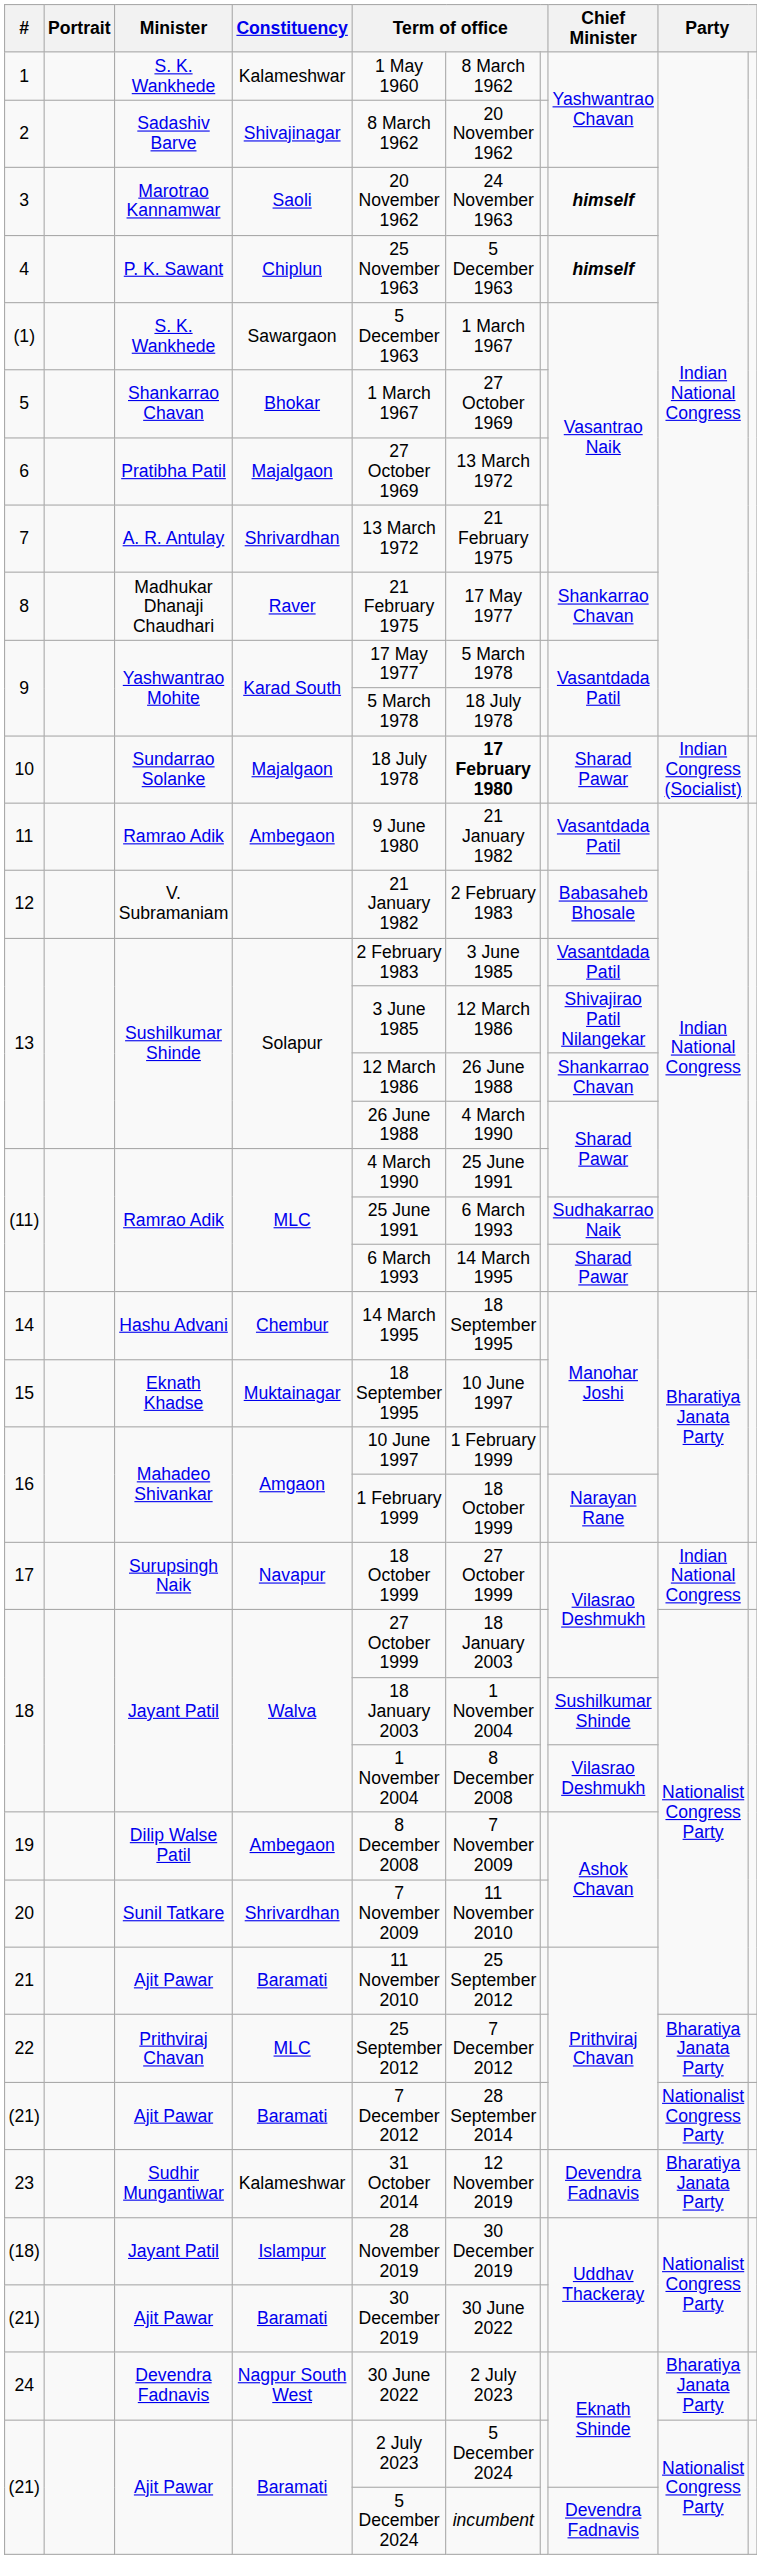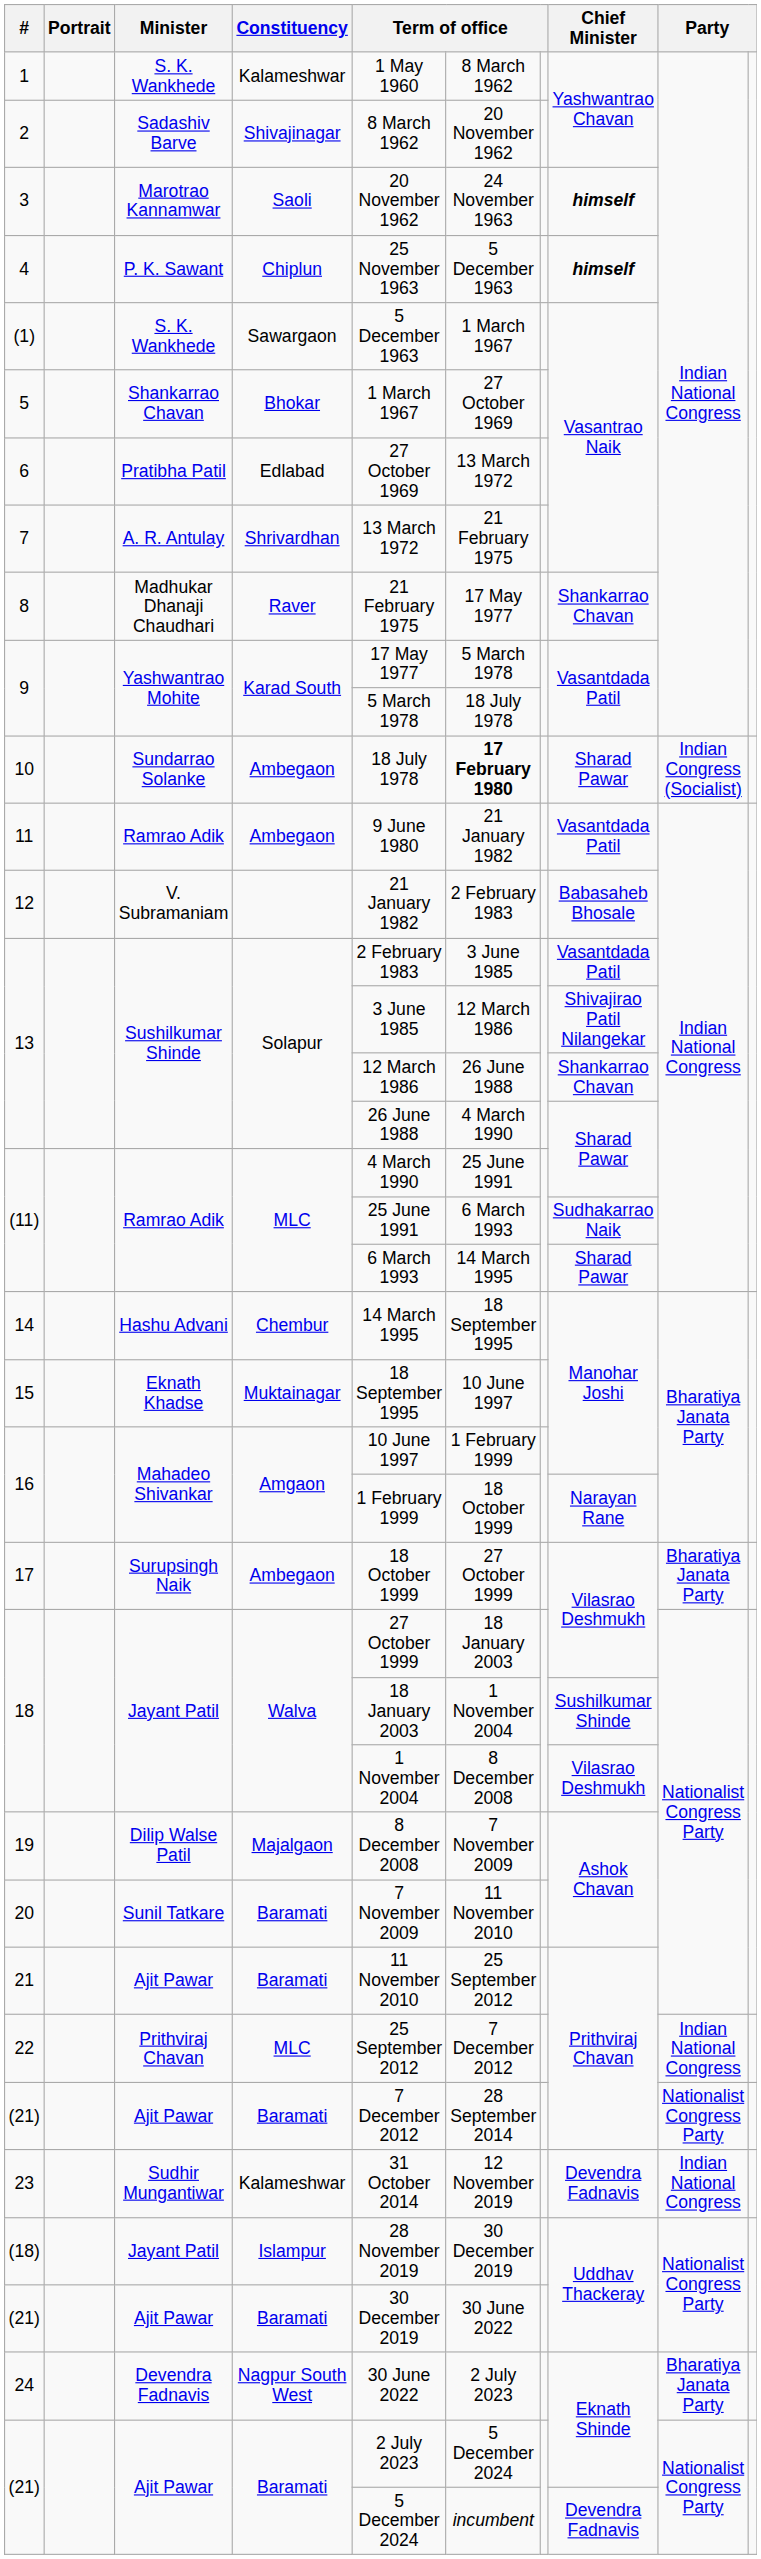 <table class="wikitable" style="text-align:center">
 <tr>
 <th>#</th>
 <th>Portrait</th>
 <th>Minister</th>
 <th><a href='#'>Constituency</a></th>
 <th colspan="3">Term of office</th>
 <th>Chief Minister</th>
 <th colspan="2">Party</th>
 </tr>
 <tr>
 <td>1</td>
 <td></td>
 <td><a href='#'>S. K. Wankhede</a></td>
 <td>Kalameshwar</td>
 <td>1 May 1960</td>
 <td>8 March 1962</td>
 <td></td>
 <td rowspan="2"><a href='#'>Yashwantrao Chavan</a></td>
 <td rowspan="11"><a href='#'>Indian National Congress</a></td>
 <td rowspan="11" style="background-color: "></td>
 </tr>
 <tr>
 <td>2</td>
 <td></td>
 <td><a href='#'>Sadashiv Barve</a></td>
 <td><a href='#'>Shivajinagar</a></td>
 <td>8 March 1962</td>
 <td>20 November 1962</td>
 <td></td>
 </tr>
 <tr>
 <td>3</td>
 <td></td>
 <td><a href='#'>Marotrao Kannamwar</a></td>
 <td><a href='#'>Saoli</a></td>
 <td>20 November 1962</td>
 <td>24 November 1963</td>
 <td></td>
 <td><strong><em>himself</em></strong></td>
 </tr>
 <tr>
 <td>4</td>
 <td></td>
 <td><a href='#'>P. K. Sawant</a></td>
 <td><a href='#'>Chiplun</a></td>
 <td>25 November 1963</td>
 <td>5 December 1963</td>
 <td></td>
 <td><strong><em>himself</em></strong></td>
 </tr>
 <tr>
 <td>(1)</td>
 <td></td>
 <td><a href='#'>S. K. Wankhede</a></td>
 <td>Sawargaon</td>
 <td>5 December 1963</td>
 <td>1 March 1967</td>
 <td></td>
 <td rowspan="4"><a href='#'>Vasantrao Naik</a></td>
 </tr>
 <tr>
 <td>5</td>
 <td></td>
 <td><a href='#'>Shankarrao Chavan</a></td>
 <td><a href='#'>Bhokar</a></td>
 <td>1 March 1967</td>
 <td>27 October 1969</td>
 <td></td>
 </tr>
 <tr>
 <td>6</td>
 <td></td>
 <td><a href='#'>Pratibha Patil</a></td>
-<td><a href='#'>Majalgaon</a></td>
+<td>Edlabad</td>
 <td>27 October 1969</td>
 <td>13 March 1972</td>
 <td></td>
 </tr>
 <tr>
 <td>7</td>
 <td></td>
 <td><a href='#'>A. R. Antulay</a></td>
 <td><a href='#'>Shrivardhan</a></td>
 <td>13 March 1972</td>
 <td>21 February 1975</td>
 <td></td>
 </tr>
 <tr>
 <td>8</td>
 <td></td>
 <td>Madhukar Dhanaji Chaudhari</td>
 <td><a href='#'>Raver</a></td>
 <td>21 February 1975</td>
 <td>17 May 1977</td>
 <td></td>
 <td><a href='#'>Shankarrao Chavan</a></td>
 </tr>
 <tr>
 <td rowspan="2">9</td>
 <td rowspan="2"></td>
 <td rowspan="2"><a href='#'>Yashwantrao Mohite</a></td>
 <td rowspan="2"><a href='#'>Karad South</a></td>
 <td>17 May 1977</td>
 <td>5 March 1978</td>
 <td rowspan="2"></td>
 <td rowspan="2"><a href='#'>Vasantdada Patil</a></td>
 </tr>
 <tr>
 <td>5 March 1978</td>
 <td>18 July 1978</td>
 </tr>
 <tr>
 <td>10</td>
 <td></td>
 <td><a href='#'>Sundarrao Solanke</a></td>
-<td><a href='#'>Majalgaon</a></td>
+<td><a href='#'>Ambegaon</a></td>
 <td>18 July 1978</td>
 <td><strong>17 February 1980</strong></td>
 <td></td>
 <td><a href='#'>Sharad Pawar</a></td>
 <td><a href='#'>Indian Congress (Socialist)</a></td>
 <td style="background-color: "></td>
 </tr>
 <tr>
 <td>11</td>
 <td></td>
 <td><a href='#'>Ramrao Adik</a></td>
 <td><a href='#'>Ambegaon</a></td>
 <td>9 June 1980</td>
 <td>21 January 1982</td>
 <td></td>
 <td><a href='#'>Vasantdada Patil</a></td>
 <td rowspan="9"><a href='#'>Indian National Congress</a></td>
 <td rowspan="9" style="background-color: "></td>
 </tr>
 <tr>
 <td>12</td>
 <td></td>
 <td>V. Subramaniam</td>
 <td></td>
 <td>21 January 1982</td>
 <td>2 February 1983</td>
 <td></td>
 <td><a href='#'>Babasaheb Bhosale</a></td>
 </tr>
 <tr>
 <td rowspan="4">13</td>
 <td rowspan="4"></td>
 <td rowspan="4"><a href='#'>Sushilkumar Shinde</a></td>
 <td rowspan="4">Solapur</td>
 <td>2 February 1983</td>
 <td>3 June 1985</td>
 <td rowspan="4"></td>
 <td><a href='#'>Vasantdada Patil</a></td>
 </tr>
 <tr>
 <td>3 June 1985</td>
 <td>12 March 1986</td>
 <td><a href='#'>Shivajirao Patil Nilangekar</a></td>
 </tr>
 <tr>
 <td>12 March 1986</td>
 <td>26 June 1988</td>
 <td><a href='#'>Shankarrao Chavan</a></td>
 </tr>
 <tr>
 <td>26 June 1988</td>
 <td>4 March 1990</td>
 <td rowspan="2"><a href='#'>Sharad Pawar</a></td>
 </tr>
 <tr>
 <td rowspan="3">(11)</td>
 <td rowspan="3"></td>
 <td rowspan="3"><a href='#'>Ramrao Adik</a></td>
 <td rowspan="3"><a href='#'>MLC</a></td>
 <td>4 March 1990</td>
 <td>25 June 1991</td>
 <td rowspan="3"></td>
 </tr>
 <tr>
 <td>25 June 1991</td>
 <td>6 March 1993</td>
 <td><a href='#'>Sudhakarrao Naik</a></td>
 </tr>
 <tr>
 <td>6 March 1993</td>
 <td>14 March 1995</td>
 <td><a href='#'>Sharad Pawar</a></td>
 </tr>
 <tr>
 <td>14</td>
 <td></td>
 <td><a href='#'>Hashu Advani</a></td>
 <td><a href='#'>Chembur</a></td>
 <td>14 March 1995</td>
 <td>18 September 1995</td>
 <td></td>
 <td rowspan="3"><a href='#'>Manohar Joshi</a></td>
 <td rowspan="4"><a href='#'>Bharatiya Janata Party</a></td>
 <td rowspan="4" style="background-color: "></td>
 </tr>
 <tr>
 <td>15</td>
 <td></td>
 <td><a href='#'>Eknath Khadse</a></td>
 <td><a href='#'>Muktainagar</a></td>
 <td>18 September 1995</td>
 <td>10 June 1997</td>
 <td></td>
 </tr>
 <tr>
 <td rowspan="2">16</td>
 <td rowspan="2"></td>
 <td rowspan="2"><a href='#'>Mahadeo Shivankar</a></td>
 <td rowspan="2"><a href='#'>Amgaon</a></td>
 <td>10 June 1997</td>
 <td>1 February 1999</td>
 <td rowspan="2"></td>
 </tr>
 <tr>
 <td>1 February 1999</td>
 <td>18 October 1999</td>
 <td><a href='#'>Narayan Rane</a></td>
 </tr>
 <tr>
 <td>17</td>
 <td></td>
 <td><a href='#'>Surupsingh Naik</a></td>
-<td><a href='#'>Navapur</a></td>
+<td><a href='#'>Ambegaon</a></td>
 <td>18 October 1999</td>
 <td>27 October 1999</td>
 <td></td>
 <td rowspan="2"><a href='#'>Vilasrao Deshmukh</a></td>
-<td><a href='#'>Indian National Congress</a></td>
+<td><a href='#'>Bharatiya Janata Party</a></td>
 <td style="background-color: "></td>
 </tr>
 <tr>
 <td rowspan="3">18</td>
 <td rowspan="3"></td>
 <td rowspan="3"><a href='#'>Jayant Patil</a></td>
 <td rowspan="3"><a href='#'>Walva</a></td>
 <td>27 October 1999</td>
 <td>18 January 2003</td>
 <td rowspan="3"></td>
 <td rowspan="6"><a href='#'>Nationalist Congress Party</a></td>
 <td rowspan="6" style="background-color: "></td>
 </tr>
 <tr>
 <td>18 January 2003</td>
 <td>1 November 2004</td>
 <td><a href='#'>Sushilkumar Shinde</a></td>
 </tr>
 <tr>
 <td>1 November 2004</td>
 <td>8 December 2008</td>
 <td><a href='#'>Vilasrao Deshmukh</a></td>
 </tr>
 <tr>
 <td>19</td>
 <td></td>
 <td><a href='#'>Dilip Walse Patil</a></td>
-<td><a href='#'>Ambegaon</a></td>
+<td><a href='#'>Majalgaon</a></td>
 <td>8 December 2008</td>
 <td>7 November 2009</td>
 <td></td>
 <td rowspan="2"><a href='#'>Ashok Chavan</a></td>
 </tr>
 <tr>
 <td>20</td>
 <td></td>
 <td><a href='#'>Sunil Tatkare</a></td>
-<td><a href='#'>Shrivardhan</a></td>
+<td><a href='#'>Baramati</a></td>
 <td>7 November 2009</td>
 <td>11 November 2010</td>
 <td></td>
 </tr>
 <tr>
 <td>21</td>
 <td></td>
 <td><a href='#'>Ajit Pawar</a></td>
 <td><a href='#'>Baramati</a></td>
 <td>11 November 2010</td>
 <td>25 September 2012</td>
 <td></td>
 <td rowspan="3"><a href='#'>Prithviraj Chavan</a></td>
 </tr>
 <tr>
 <td>22</td>
 <td></td>
 <td><a href='#'>Prithviraj Chavan</a></td>
 <td><a href='#'>MLC</a></td>
 <td>25 September 2012</td>
 <td>7 December 2012</td>
 <td></td>
-<td><a href='#'>Bharatiya Janata Party</a></td>
+<td><a href='#'>Indian National Congress</a></td>
 <td style="background-color: "></td>
 </tr>
 <tr>
 <td>(21)</td>
 <td></td>
 <td><a href='#'>Ajit Pawar</a></td>
 <td><a href='#'>Baramati</a></td>
 <td>7 December 2012</td>
 <td>28 September 2014</td>
 <td></td>
 <td><a href='#'>Nationalist Congress Party</a></td>
 <td style="background-color: "></td>
 </tr>
 <tr>
 <td>23</td>
 <td></td>
 <td><a href='#'>Sudhir Mungantiwar</a></td>
 <td>Kalameshwar</td>
 <td>31 October 2014</td>
 <td>12 November 2019</td>
 <td></td>
 <td><a href='#'>Devendra Fadnavis</a></td>
-<td><a href='#'>Bharatiya Janata Party</a></td>
+<td><a href='#'>Indian National Congress</a></td>
 <td style="background-color: "></td>
 </tr>
 <tr>
 <td>(18)</td>
 <td></td>
 <td><a href='#'>Jayant Patil</a></td>
 <td><a href='#'>Islampur</a></td>
 <td>28 November 2019</td>
 <td>30 December 2019</td>
 <td></td>
 <td rowspan="2"><a href='#'>Uddhav Thackeray</a></td>
 <td rowspan="2"><a href='#'>Nationalist Congress Party</a></td>
 <td rowspan="2" style="background-color: "></td>
 </tr>
 <tr>
 <td>(21)</td>
 <td></td>
 <td><a href='#'>Ajit Pawar</a></td>
 <td><a href='#'>Baramati</a></td>
 <td>30 December 2019</td>
 <td>30 June 2022</td>
 <td></td>
 </tr>
 <tr>
 <td>24</td>
 <td></td>
 <td><a href='#'>Devendra Fadnavis</a></td>
 <td><a href='#'>Nagpur South West</a></td>
 <td>30 June 2022</td>
 <td>2 July 2023</td>
 <td></td>
 <td rowspan="2"><a href='#'>Eknath Shinde</a></td>
 <td><a href='#'>Bharatiya Janata Party</a></td>
 <td style="background-color: "></td>
 </tr>
 <tr>
 <td rowspan="2">(21)</td>
 <td rowspan="2"></td>
 <td rowspan="2"><a href='#'>Ajit Pawar</a></td>
 <td rowspan="2"><a href='#'>Baramati</a></td>
 <td>2 July 2023</td>
 <td>5 December 2024</td>
 <td rowspan="2"></td>
 <td rowspan="2"><a href='#'>Nationalist Congress Party</a></td>
 <td rowspan="2" style="background-color: "></td>
 </tr>
 <tr>
 <td>5 December 2024</td>
 <td><em>incumbent</em></td>
 <td><a href='#'>Devendra Fadnavis</a></td>
 </tr>
 </table>
